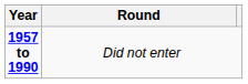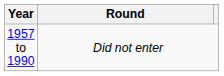 <table class="wikitable" style="text-align: center; font-size:90%">
 <tr>
 <th>Year</th>
 <th style="width:200px">Round</th>
 <th></th>
 </tr>
 <tr>
-<td><strong><a href='#'>1957</a><br>to<br><a href='#'>1990</a></strong></td>
+<td><a href='#'>1957</a><br>to<br><a href='#'>1990</a></td>
 <td colspan="2"><em>Did not enter</em></td>
 </tr>
 </table>
